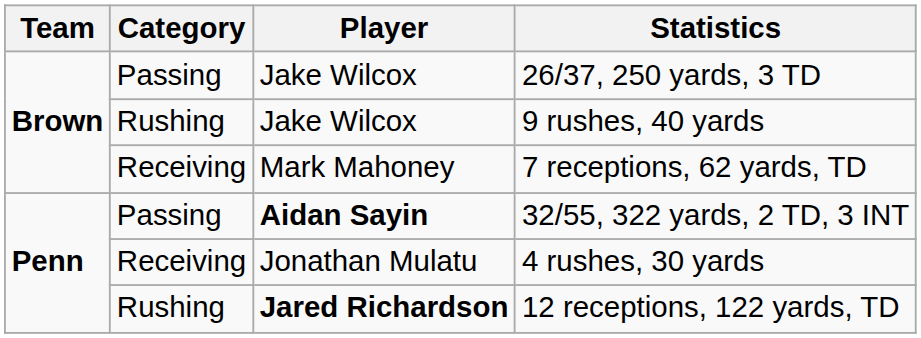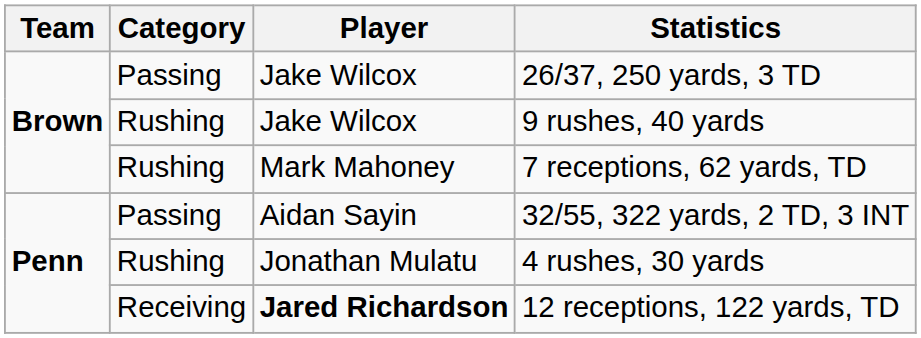 <table class="wikitable" style="float: left;">
 <tr>
 <th>Team</th>
 <th>Category</th>
 <th>Player</th>
 <th>Statistics</th>
 </tr>
 <tr>
 <td rowspan=3><strong>Brown</strong></td>
 <td>Passing</td>
 <td>Jake Wilcox</td>
 <td>26/37, 250 yards, 3 TD</td>
 </tr>
 <tr>
 <td>Rushing</td>
 <td>Jake Wilcox</td>
 <td>9 rushes, 40 yards</td>
 </tr>
 <tr>
-<td>Receiving</td>
+<td>Rushing</td>
 <td>Mark Mahoney</td>
 <td>7 receptions, 62 yards, TD</td>
 </tr>
 <tr>
 <td rowspan=3><strong>Penn</strong></td>
 <td>Passing</td>
-<td><strong>Aidan Sayin</strong></td>
+<td>Aidan Sayin</td>
 <td>32/55, 322 yards, 2 TD, 3 INT</td>
 </tr>
 <tr>
-<td>Receiving</td>
+<td>Rushing</td>
 <td>Jonathan Mulatu</td>
 <td>4 rushes, 30 yards</td>
 </tr>
 <tr>
-<td>Rushing</td>
+<td>Receiving</td>
 <td><strong>Jared Richardson</strong></td>
 <td>12 receptions, 122 yards, TD</td>
 </tr>
 </table>
